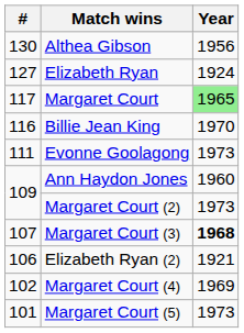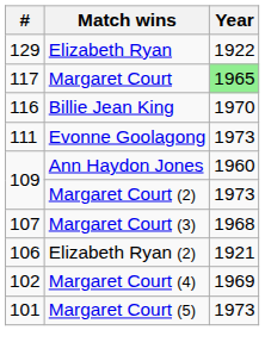 <table class=wikitable style="display:inline-table;">
 <tr>
 <th>#</th>
 <th>Match wins</th>
 <th>Year</th>
 </tr>
 <tr>
-<td>130</td>
-<td> <a href='#'>Althea Gibson</a></td>
-<td>1956</td>
-</tr>
-<tr>
-<td>127</td>
+<td>129</td>
 <td> <a href='#'>Elizabeth Ryan</a></td>
-<td>1924</td>
+<td>1922</td>
 </tr>
 <tr>
 <td>117</td>
 <td> <a href='#'>Margaret Court</a></td>
 <td style="background: lightgreen;">1965</td>
 </tr>
 <tr>
 <td>116</td>
 <td> <a href='#'>Billie Jean King</a></td>
 <td>1970</td>
 </tr>
 <tr>
 <td>111</td>
 <td> <a href='#'>Evonne Goolagong</a></td>
 <td>1973</td>
 </tr>
 <tr>
 <td rowspan="2">109</td>
 <td> <a href='#'>Ann Haydon Jones</a></td>
 <td>1960</td>
 </tr>
 <tr>
 <td> <a href='#'>Margaret Court</a>  <small>(2)</small></td>
 <td>1973</td>
 </tr>
 <tr>
 <td>107</td>
 <td> <a href='#'>Margaret Court</a> <small>(3)</small></td>
-<td><strong>1968</strong></td>
+<td>1968</td>
 </tr>
 <tr>
 <td>106</td>
 <td> Elizabeth Ryan <small>(2)</small></td>
 <td>1921</td>
 </tr>
 <tr>
 <td>102</td>
 <td> <a href='#'>Margaret Court</a> <small>(4)</small></td>
 <td>1969</td>
 </tr>
 <tr>
 <td>101</td>
 <td> <a href='#'>Margaret Court</a> <small>(5)</small></td>
 <td>1973</td>
 </tr>
 </table>
